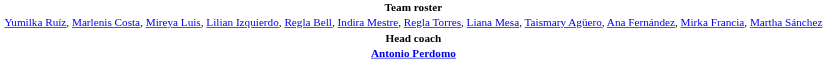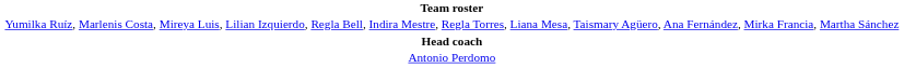 <table style="text-align: center; margin-top: 2em; margin-left: auto; margin-right: auto">
 <tr>
 <td><strong>Team roster</strong></td>
 </tr>
 <tr>
 <td><a href='#'>Yumilka Ruíz</a>, <a href='#'>Marlenis Costa</a>, <a href='#'>Mireya Luis</a>, <a href='#'>Lilian Izquierdo</a>, <a href='#'>Regla Bell</a>, <a href='#'>Indira Mestre</a>, <a href='#'>Regla Torres</a>, <a href='#'>Liana Mesa</a>, <a href='#'>Taismary Agüero</a>, <a href='#'>Ana Fernández</a>, <a href='#'>Mirka Francia</a>, <a href='#'>Martha Sánchez</a></td>
 </tr>
 <tr>
 <td><strong>Head coach</strong></td>
 </tr>
 <tr>
-<td><strong><a href='#'>Antonio Perdomo</a></strong></td>
+<td><a href='#'>Antonio Perdomo</a></td>
 </tr>
 <tr>
 </tr>
 </table>
